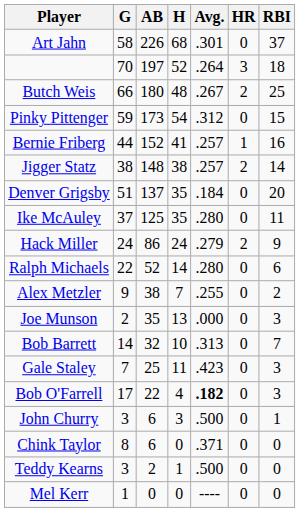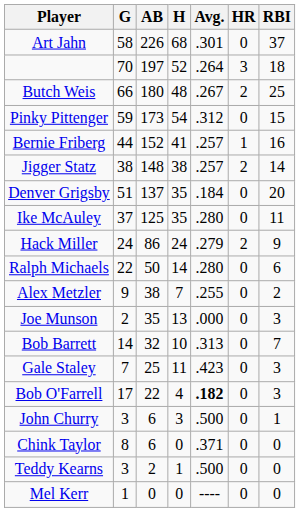 <table class="wikitable sortable" style="text-align:center;">
 <tr>
 <th>Player</th>
 <th>G</th>
 <th>AB</th>
 <th>H</th>
 <th>Avg.</th>
 <th>HR</th>
 <th>RBI</th>
 </tr>
 <tr>
 <td><a href='#'>Art Jahn</a></td>
 <td>58</td>
 <td>226</td>
 <td>68</td>
 <td>.301</td>
 <td>0</td>
 <td>37</td>
 </tr>
 <tr>
 <td></td>
 <td>70</td>
 <td>197</td>
 <td>52</td>
 <td>.264</td>
 <td>3</td>
 <td>18</td>
 </tr>
 <tr>
 <td><a href='#'>Butch Weis</a></td>
 <td>66</td>
 <td>180</td>
 <td>48</td>
 <td>.267</td>
 <td>2</td>
 <td>25</td>
 </tr>
 <tr>
 <td><a href='#'>Pinky Pittenger</a></td>
 <td>59</td>
 <td>173</td>
 <td>54</td>
 <td>.312</td>
 <td>0</td>
 <td>15</td>
 </tr>
 <tr>
 <td><a href='#'>Bernie Friberg</a></td>
 <td>44</td>
 <td>152</td>
 <td>41</td>
 <td>.257</td>
 <td>1</td>
 <td>16</td>
 </tr>
 <tr>
 <td><a href='#'>Jigger Statz</a></td>
 <td>38</td>
 <td>148</td>
 <td>38</td>
 <td>.257</td>
 <td>2</td>
 <td>14</td>
 </tr>
 <tr>
 <td><a href='#'>Denver Grigsby</a></td>
 <td>51</td>
 <td>137</td>
 <td>35</td>
 <td>.184</td>
 <td>0</td>
 <td>20</td>
 </tr>
 <tr>
 <td><a href='#'>Ike McAuley</a></td>
 <td>37</td>
 <td>125</td>
 <td>35</td>
 <td>.280</td>
 <td>0</td>
 <td>11</td>
 </tr>
 <tr>
 <td><a href='#'>Hack Miller</a></td>
 <td>24</td>
 <td>86</td>
 <td>24</td>
 <td>.279</td>
 <td>2</td>
 <td>9</td>
 </tr>
 <tr>
 <td><a href='#'>Ralph Michaels</a></td>
 <td>22</td>
-<td>52</td>
+<td>50</td>
 <td>14</td>
 <td>.280</td>
 <td>0</td>
 <td>6</td>
 </tr>
 <tr>
 <td><a href='#'>Alex Metzler</a></td>
 <td>9</td>
 <td>38</td>
 <td>7</td>
 <td>.255</td>
 <td>0</td>
 <td>2</td>
 </tr>
 <tr>
 <td><a href='#'>Joe Munson</a></td>
 <td>2</td>
 <td>35</td>
 <td>13</td>
 <td>.000</td>
 <td>0</td>
 <td>3</td>
 </tr>
 <tr>
 <td><a href='#'>Bob Barrett</a></td>
 <td>14</td>
 <td>32</td>
 <td>10</td>
 <td>.313</td>
 <td>0</td>
 <td>7</td>
 </tr>
 <tr>
 <td><a href='#'>Gale Staley</a></td>
 <td>7</td>
 <td>25</td>
 <td>11</td>
 <td>.423</td>
 <td>0</td>
 <td>3</td>
 </tr>
 <tr>
 <td><a href='#'>Bob O'Farrell</a></td>
 <td>17</td>
 <td>22</td>
 <td>4</td>
 <td><strong>.182</strong></td>
 <td>0</td>
 <td>3</td>
 </tr>
 <tr>
 <td><a href='#'>John Churry</a></td>
 <td>3</td>
 <td>6</td>
 <td>3</td>
 <td>.500</td>
 <td>0</td>
 <td>1</td>
 </tr>
 <tr>
 <td><a href='#'>Chink Taylor</a></td>
 <td>8</td>
 <td>6</td>
 <td>0</td>
 <td>.371</td>
 <td>0</td>
 <td>0</td>
 </tr>
 <tr>
 <td><a href='#'>Teddy Kearns</a></td>
 <td>3</td>
 <td>2</td>
 <td>1</td>
 <td>.500</td>
 <td>0</td>
 <td>0</td>
 </tr>
 <tr>
 <td><a href='#'>Mel Kerr</a></td>
 <td>1</td>
 <td>0</td>
 <td>0</td>
 <td>----</td>
 <td>0</td>
 <td>0</td>
 </tr>
 </table>
